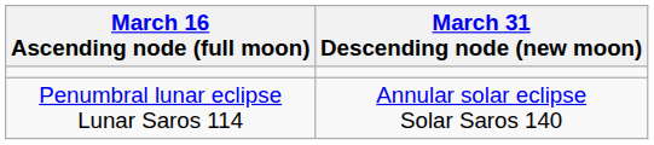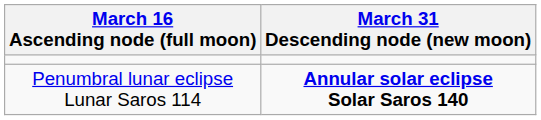 <table class="wikitable">
 <tr>
 <th><a href='#'>March 16</a><br>Ascending node (full moon)<br></th>
 <th><a href='#'>March 31</a><br>Descending node (new moon)<br></th>
 </tr>
 <tr>
 <td></td>
 <td></td>
 </tr>
 <tr align=center>
 <td><a href='#'>Penumbral lunar eclipse</a><br>Lunar Saros 114</td>
-<td><a href='#'>Annular solar eclipse</a><br>Solar Saros 140</td>
+<td><strong><a href='#'>Annular solar eclipse</a><br>Solar Saros 140</strong></td>
 </tr>
 </table>
